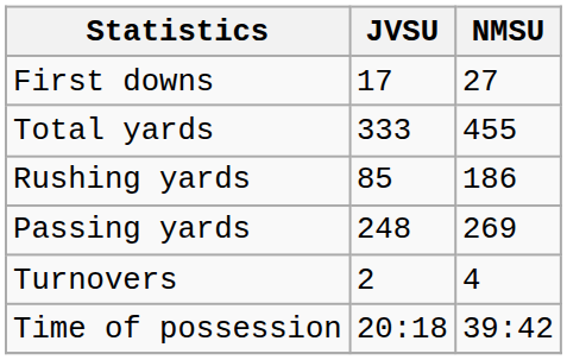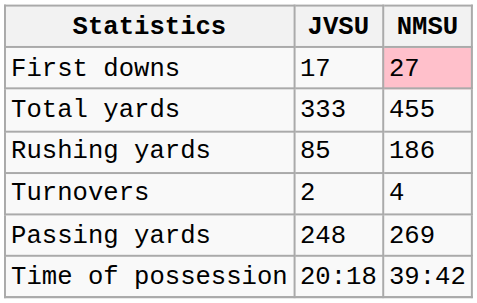 <table class="wikitable" style="float: left;">
 <tr>
 <th>Statistics</th>
 <th>JVSU</th>
 <th>NMSU</th>
 </tr>
 <tr>
 <td>First downs</td>
 <td>17</td>
-<td>27</td>
+<td style="background: pink;">27</td>
 </tr>
 <tr>
 <td>Total yards</td>
 <td>333</td>
 <td>455</td>
 </tr>
 <tr>
 <td>Rushing yards</td>
 <td>85</td>
 <td>186</td>
 </tr>
 <tr>
+<td>Turnovers</td>
+<td>2</td>
+<td>4</td>
+</tr>
+<tr>
 <td>Passing yards</td>
 <td>248</td>
 <td>269</td>
-</tr>
-<tr>
-<td>Turnovers</td>
-<td>2</td>
-<td>4</td>
 </tr>
 <tr>
 <td>Time of possession</td>
 <td>20:18</td>
 <td>39:42</td>
 </tr>
 <tr>
 </tr>
 </table>
